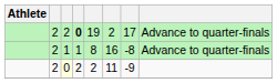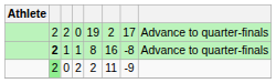 <table class=wikitable style="text-align:center">
 <tr>
 <th>Athlete</th>
 <th></th>
 <th></th>
 <th></th>
 <th></th>
 <th></th>
 <th></th>
 <th></th>
 </tr>
 <tr bgcolor=bbf3bb>
 <td style="text-align:left"></td>
 <td>2</td>
 <td>2</td>
-<td><strong>0</strong></td>
+<td>0</td>
 <td>19</td>
 <td>2</td>
 <td>17</td>
 <td>Advance to quarter-finals</td>
 </tr>
 <tr bgcolor=bbf3bb>
 <td style="text-align:left"></td>
-<td>2</td>
+<td><strong>2</strong></td>
 <td>1</td>
 <td>1</td>
 <td>8</td>
 <td>16</td>
 <td>-8</td>
 <td>Advance to quarter-finals</td>
 </tr>
 <tr>
 <td style="text-align:left"></td>
-<td>2</td>
-<td style="background: lightyellow;">0</td>
+<td style="background: lightgreen;">2</td>
+<td>0</td>
 <td>2</td>
 <td>2</td>
 <td>11</td>
 <td>-9</td>
 <td></td>
 </tr>
 <tr>
 </tr>
 </table>
